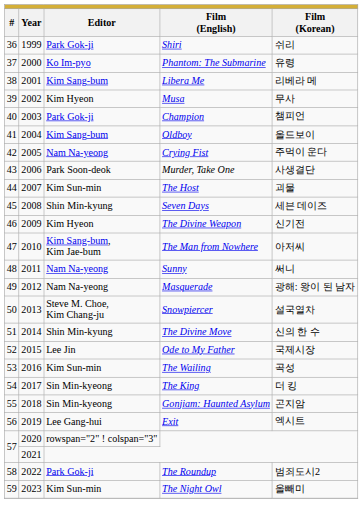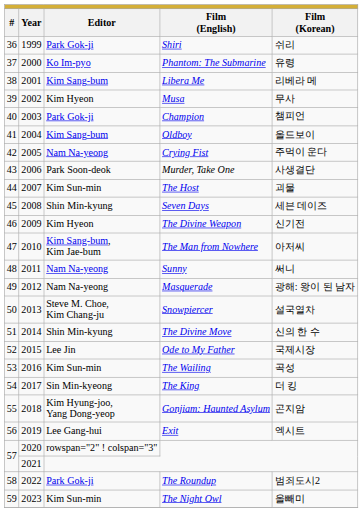 <table class="wikitable collapsible collapsed">
 <tr>
 <th colspan="5" style="background: #D4AF37;"></th>
 </tr>
 <tr>
 <th>#</th>
 <th>Year</th>
 <th>Editor</th>
 <th>Film<br>(English)</th>
 <th>Film<br>(Korean)</th>
 </tr>
 <tr>
 <td>36</td>
 <td>1999</td>
 <td><a href='#'>Park Gok-ji</a></td>
 <td><em><a href='#'>Shiri</a></em></td>
 <td>쉬리</td>
 </tr>
 <tr>
 <td>37</td>
 <td>2000</td>
 <td><a href='#'>Ko Im-pyo</a></td>
 <td><em><a href='#'>Phantom: The Submarine</a></em></td>
 <td>유령</td>
 </tr>
 <tr>
 <td>38</td>
 <td>2001</td>
 <td><a href='#'>Kim Sang-bum</a></td>
 <td><em><a href='#'>Libera Me</a></em></td>
 <td>리베라 메</td>
 </tr>
 <tr>
 <td>39</td>
 <td>2002</td>
 <td>Kim Hyeon</td>
 <td><em><a href='#'>Musa</a></em></td>
 <td>무사</td>
 </tr>
 <tr>
 <td>40</td>
 <td>2003</td>
 <td><a href='#'>Park Gok-ji</a></td>
 <td><em><a href='#'>Champion</a></em></td>
 <td>챔피언</td>
 </tr>
 <tr>
 <td>41</td>
 <td>2004</td>
 <td><a href='#'>Kim Sang-bum</a></td>
 <td><em><a href='#'>Oldboy</a></em></td>
 <td>올드보이</td>
 </tr>
 <tr>
 <td>42</td>
 <td>2005</td>
 <td><a href='#'>Nam Na-yeong</a></td>
 <td><em><a href='#'>Crying Fist</a></em></td>
 <td>주먹이 운다</td>
 </tr>
 <tr>
 <td>43</td>
 <td>2006</td>
 <td>Park Soon-deok</td>
 <td><em>Murder, Take One</em></td>
 <td>사생결단</td>
 </tr>
 <tr>
 <td>44</td>
 <td>2007</td>
 <td>Kim Sun-min</td>
 <td><em><a href='#'>The Host</a></em></td>
 <td>괴물</td>
 </tr>
 <tr>
 <td>45</td>
 <td>2008</td>
 <td>Shin Min-kyung</td>
 <td><em><a href='#'>Seven Days</a></em></td>
 <td>세븐 데이즈</td>
 </tr>
 <tr>
 <td>46</td>
 <td>2009</td>
 <td>Kim Hyeon</td>
 <td><em><a href='#'>The Divine Weapon</a></em></td>
 <td>신기전</td>
 </tr>
 <tr>
 <td>47</td>
 <td>2010</td>
 <td><a href='#'>Kim Sang-bum</a>,<br>Kim Jae-bum</td>
 <td><em><a href='#'>The Man from Nowhere</a></em></td>
 <td>아저씨</td>
 </tr>
 <tr>
 <td>48</td>
 <td>2011</td>
 <td><a href='#'>Nam Na-yeong</a></td>
 <td><em><a href='#'>Sunny</a></em></td>
 <td>써니</td>
 </tr>
 <tr>
 <td>49</td>
 <td>2012</td>
 <td>Nam Na-yeong</td>
 <td><em><a href='#'>Masquerade</a></em></td>
 <td>광해: 왕이 된 남자</td>
 </tr>
 <tr>
 <td>50</td>
 <td>2013</td>
 <td>Steve M. Choe,<br>Kim Chang-ju</td>
 <td><em><a href='#'>Snowpiercer</a></em></td>
 <td>설국열차</td>
 </tr>
 <tr>
 <td>51</td>
 <td>2014</td>
 <td>Shin Min-kyung</td>
 <td><em><a href='#'>The Divine Move</a></em></td>
 <td>신의 한 수</td>
 </tr>
 <tr>
 <td>52</td>
 <td>2015</td>
 <td>Lee Jin</td>
 <td><em><a href='#'>Ode to My Father</a></em></td>
 <td>국제시장</td>
 </tr>
 <tr>
 <td>53</td>
 <td>2016</td>
 <td>Kim Sun-min</td>
 <td><em><a href='#'>The Wailing</a></em></td>
 <td>곡성</td>
 </tr>
 <tr>
 <td>54</td>
 <td>2017</td>
 <td>Sin Min-kyeong</td>
 <td><em><a href='#'>The King</a></em></td>
 <td>더 킹</td>
 </tr>
 <tr>
 <td>55</td>
 <td>2018</td>
-<td>Sin Min-kyeong</td>
+<td>Kim Hyung-joo,<br>Yang Dong-yeop</td>
 <td><em><a href='#'>Gonjiam: Haunted Asylum</a></em></td>
 <td>곤지암</td>
 </tr>
 <tr>
 <td>56</td>
 <td>2019</td>
 <td>Lee Gang-hui</td>
 <td><em><a href='#'>Exit</a></em></td>
 <td>엑시트</td>
 </tr>
 <tr>
 <td rowspan="2">57</td>
 <td>2020</td>
 <td>rowspan="2" ! colspan="3" </td>
 </tr>
 <tr>
 <td>2021</td>
 </tr>
 <tr>
 <td>58</td>
 <td>2022</td>
 <td><a href='#'>Park Gok-ji</a></td>
 <td><em><a href='#'>The Roundup</a></em></td>
 <td>범죄도시2</td>
 </tr>
 <tr>
 <td>59</td>
 <td>2023</td>
 <td>Kim Sun-min</td>
 <td><em><a href='#'>The Night Owl</a></em></td>
 <td>올빼미</td>
 </tr>
 <tr>
 </tr>
 </table>
